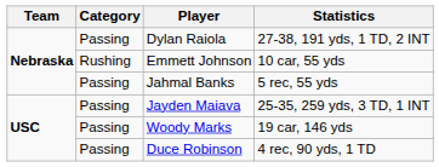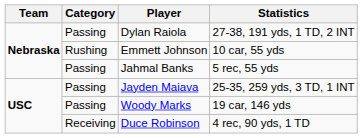 <table class="wikitable" style="float: right;">
 <tr>
 <th>Team</th>
 <th>Category</th>
 <th>Player</th>
 <th>Statistics</th>
 </tr>
 <tr>
 <td rowspan=3><strong>Nebraska</strong></td>
 <td>Passing</td>
 <td>Dylan Raiola</td>
 <td>27-38, 191 yds, 1 TD, 2 INT</td>
 </tr>
 <tr>
 <td>Rushing</td>
 <td>Emmett Johnson</td>
 <td>10 car, 55 yds</td>
 </tr>
 <tr>
 <td>Passing</td>
 <td>Jahmal Banks</td>
 <td>5 rec, 55 yds</td>
 </tr>
 <tr>
 <td rowspan=3><strong>USC</strong></td>
 <td>Passing</td>
 <td><a href='#'>Jayden Maiava</a></td>
 <td>25-35, 259 yds, 3 TD, 1 INT</td>
 </tr>
 <tr>
 <td>Passing</td>
 <td><a href='#'>Woody Marks</a></td>
 <td>19 car, 146 yds</td>
 </tr>
 <tr>
-<td>Passing</td>
+<td>Receiving</td>
 <td><a href='#'>Duce Robinson</a></td>
 <td>4 rec, 90 yds, 1 TD</td>
 </tr>
 </table>
